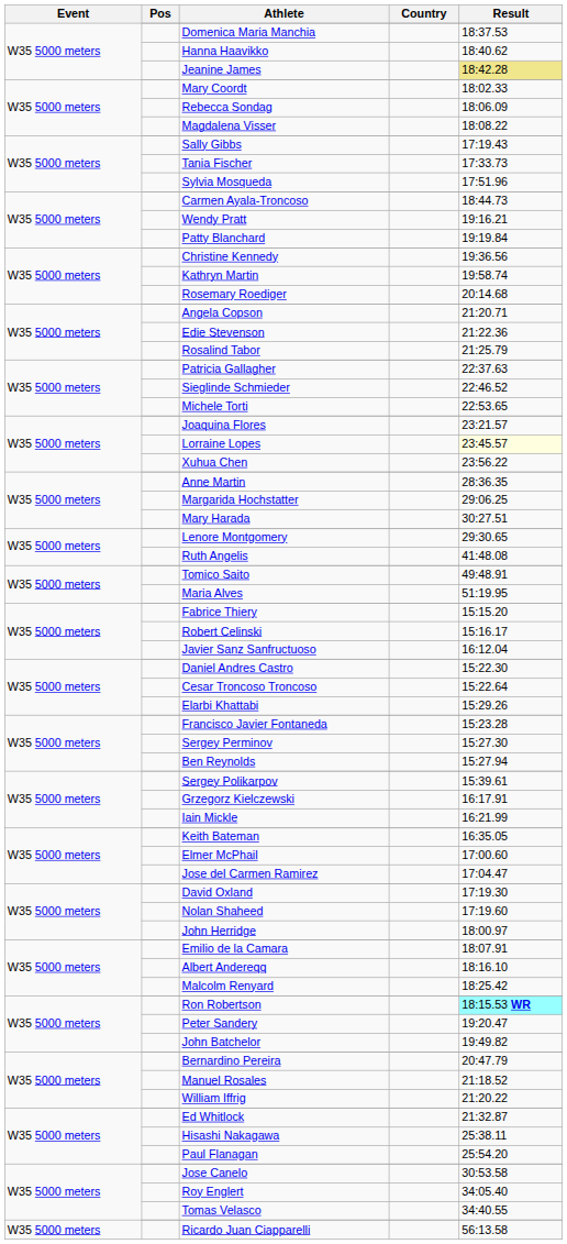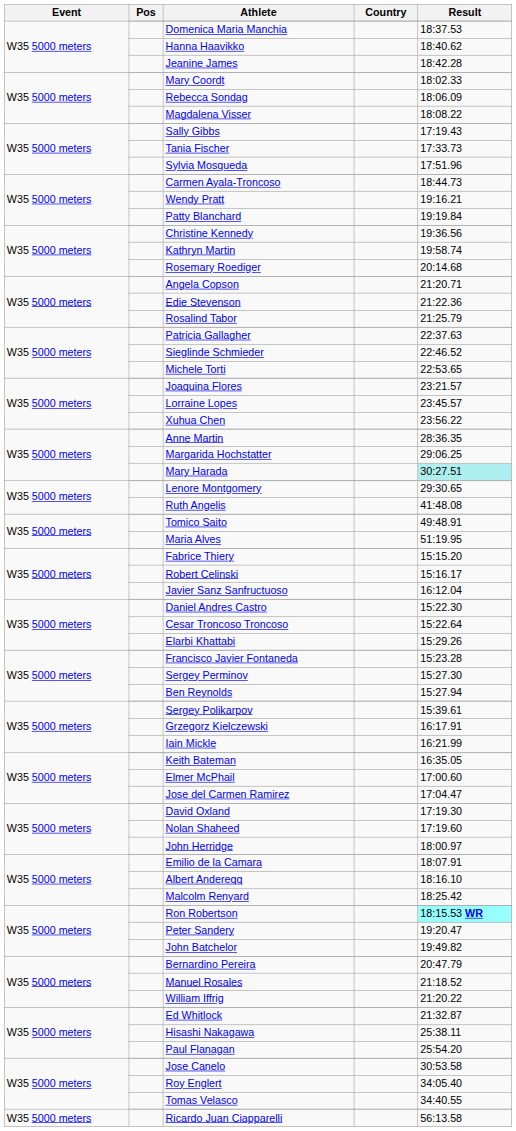 <table class="wikitable" style="width:60%;">
 <tr>
 <th>Event</th>
 <th>Pos</th>
 <th>Athlete</th>
 <th>Country</th>
 <th>Result</th>
 </tr>
 <tr>
 <td rowspan="4">W35 <a href='#'>5000 meters</a></td>
 </tr>
 <tr>
 <td align=center></td>
 <td align=left><a href='#'>Domenica Maria Manchia</a></td>
 <td align=left></td>
 <td>18:37.53</td>
 </tr>
 <tr>
 <td align=center></td>
 <td align=left><a href='#'>Hanna Haavikko</a></td>
 <td align=left></td>
 <td>18:40.62</td>
 </tr>
 <tr>
 <td align=center></td>
 <td align=left><a href='#'>Jeanine James</a></td>
 <td align=left></td>
-<td style="background: khaki;">18:42.28</td>
+<td>18:42.28</td>
 </tr>
 <tr>
 <td rowspan="4">W35 <a href='#'>5000 meters</a></td>
 </tr>
 <tr>
 <td align=center></td>
 <td align=left><a href='#'>Mary Coordt</a></td>
 <td align=left></td>
 <td>18:02.33</td>
 </tr>
 <tr>
 <td align=center></td>
 <td align=left><a href='#'>Rebecca Sondag</a></td>
 <td align=left></td>
 <td>18:06.09</td>
 </tr>
 <tr>
 <td align=center></td>
 <td align=left><a href='#'>Magdalena Visser</a></td>
 <td align=left></td>
 <td>18:08.22</td>
 </tr>
 <tr>
 <td rowspan="4">W35 <a href='#'>5000 meters</a></td>
 </tr>
 <tr>
 <td align=center></td>
 <td align=left><a href='#'>Sally Gibbs</a></td>
 <td align=left></td>
 <td>17:19.43</td>
 </tr>
 <tr>
 <td align=center></td>
 <td align=left><a href='#'>Tania Fischer</a></td>
 <td align=left></td>
 <td>17:33.73</td>
 </tr>
 <tr>
 <td align=center></td>
 <td align=left><a href='#'>Sylvia Mosqueda</a></td>
 <td align=left></td>
 <td>17:51.96</td>
 </tr>
 <tr>
 <td rowspan="4">W35 <a href='#'>5000 meters</a></td>
 </tr>
 <tr>
 <td align=center></td>
 <td align=left><a href='#'>Carmen Ayala-Troncoso</a></td>
 <td align=left></td>
 <td>18:44.73</td>
 </tr>
 <tr>
 <td align=center></td>
 <td align=left><a href='#'>Wendy Pratt</a></td>
 <td align=left></td>
 <td>19:16.21</td>
 </tr>
 <tr>
 <td align=center></td>
 <td align=left><a href='#'>Patty Blanchard</a></td>
 <td align=left></td>
 <td>19:19.84</td>
 </tr>
 <tr>
 <td rowspan="4">W35 <a href='#'>5000 meters</a></td>
 </tr>
 <tr>
 <td align=center></td>
 <td align=left><a href='#'>Christine Kennedy</a></td>
 <td align=left></td>
 <td>19:36.56</td>
 </tr>
 <tr>
 <td align=center></td>
 <td align=left><a href='#'>Kathryn Martin</a></td>
 <td align=left></td>
 <td>19:58.74</td>
 </tr>
 <tr>
 <td align=center></td>
 <td align=left><a href='#'>Rosemary Roediger</a></td>
 <td align=left></td>
 <td>20:14.68</td>
 </tr>
 <tr>
 <td rowspan="4">W35 <a href='#'>5000 meters</a></td>
 </tr>
 <tr>
 <td align=center></td>
 <td align=left><a href='#'>Angela Copson</a></td>
 <td align=left></td>
 <td>21:20.71</td>
 </tr>
 <tr>
 <td align=center></td>
 <td align=left><a href='#'>Edie Stevenson</a></td>
 <td align=left></td>
 <td>21:22.36</td>
 </tr>
 <tr>
 <td align=center></td>
 <td align=left><a href='#'>Rosalind Tabor</a></td>
 <td align=left></td>
 <td>21:25.79</td>
 </tr>
 <tr>
 <td rowspan="4">W35 <a href='#'>5000 meters</a></td>
 </tr>
 <tr>
 <td align=center></td>
 <td align=left><a href='#'>Patricia Gallagher</a></td>
 <td align=left></td>
 <td>22:37.63</td>
 </tr>
 <tr>
 <td align=center></td>
 <td align=left><a href='#'>Sieglinde Schmieder</a></td>
 <td align=left></td>
 <td>22:46.52</td>
 </tr>
 <tr>
 <td align=center></td>
 <td align=left><a href='#'>Michele Torti</a></td>
 <td align=left></td>
 <td>22:53.65</td>
 </tr>
 <tr>
 <td rowspan="4">W35 <a href='#'>5000 meters</a></td>
 </tr>
 <tr>
 <td align=center></td>
 <td align=left><a href='#'>Joaquina Flores</a></td>
 <td align=left></td>
 <td>23:21.57</td>
 </tr>
 <tr>
 <td align=center></td>
 <td align=left><a href='#'>Lorraine Lopes</a></td>
 <td align=left></td>
-<td style="background: lightyellow;">23:45.57</td>
+<td>23:45.57</td>
 </tr>
 <tr>
 <td align=center></td>
 <td align=left><a href='#'>Xuhua Chen</a></td>
 <td align=left></td>
 <td>23:56.22</td>
 </tr>
 <tr>
 <td rowspan="4">W35 <a href='#'>5000 meters</a></td>
 </tr>
 <tr>
 <td align=center></td>
 <td align=left><a href='#'>Anne Martin</a></td>
 <td align=left></td>
 <td>28:36.35</td>
 </tr>
 <tr>
 <td align=center></td>
 <td align=left><a href='#'>Margarida Hochstatter</a></td>
 <td align=left></td>
 <td>29:06.25</td>
 </tr>
 <tr>
 <td align=center></td>
 <td align=left><a href='#'>Mary Harada</a></td>
 <td align=left></td>
-<td>30:27.51</td>
+<td style="background: paleturquoise;">30:27.51</td>
 </tr>
 <tr>
 <td rowspan="3">W35 <a href='#'>5000 meters</a></td>
 </tr>
 <tr>
 <td align=center></td>
 <td align=left><a href='#'>Lenore Montgomery</a></td>
 <td align=left></td>
 <td>29:30.65</td>
 </tr>
 <tr>
 <td align=center></td>
 <td align=left><a href='#'>Ruth Angelis</a></td>
 <td align=left></td>
 <td>41:48.08</td>
 </tr>
 <tr>
 <td rowspan="3">W35 <a href='#'>5000 meters</a></td>
 </tr>
 <tr>
 <td align=center></td>
 <td align=left><a href='#'>Tomico Saito</a></td>
 <td align=left></td>
 <td>49:48.91</td>
 </tr>
 <tr>
 <td align=center></td>
 <td align=left><a href='#'>Maria Alves</a></td>
 <td align=left></td>
 <td>51:19.95</td>
 </tr>
 <tr>
 <td rowspan="4">W35 <a href='#'>5000 meters</a></td>
 </tr>
 <tr>
 <td align=center></td>
 <td align=left><a href='#'>Fabrice Thiery</a></td>
 <td align=left></td>
 <td>15:15.20</td>
 </tr>
 <tr>
 <td align=center></td>
 <td align=left><a href='#'>Robert Celinski</a></td>
 <td align=left></td>
 <td>15:16.17</td>
 </tr>
 <tr>
 <td align=center></td>
 <td align=left><a href='#'>Javier Sanz Sanfructuoso</a></td>
 <td align=left></td>
 <td>16:12.04</td>
 </tr>
 <tr>
 <td rowspan="4">W35 <a href='#'>5000 meters</a></td>
 </tr>
 <tr>
 <td align=center></td>
 <td align=left><a href='#'>Daniel Andres Castro</a></td>
 <td align=left></td>
 <td>15:22.30</td>
 </tr>
 <tr>
 <td align=center></td>
 <td align=left><a href='#'>Cesar Troncoso Troncoso</a></td>
 <td align=left></td>
 <td>15:22.64</td>
 </tr>
 <tr>
 <td align=center></td>
 <td align=left><a href='#'>Elarbi Khattabi</a></td>
 <td align=left></td>
 <td>15:29.26</td>
 </tr>
 <tr>
 <td rowspan="4">W35 <a href='#'>5000 meters</a></td>
 </tr>
 <tr>
 <td align=center></td>
 <td align=left><a href='#'>Francisco Javier Fontaneda</a></td>
 <td align=left></td>
 <td>15:23.28</td>
 </tr>
 <tr>
 <td align=center></td>
 <td align=left><a href='#'>Sergey Perminov</a></td>
 <td align=left></td>
 <td>15:27.30</td>
 </tr>
 <tr>
 <td align=center></td>
 <td align=left><a href='#'>Ben Reynolds</a></td>
 <td align=left></td>
 <td>15:27.94</td>
 </tr>
 <tr>
 <td rowspan="4">W35 <a href='#'>5000 meters</a></td>
 </tr>
 <tr>
 <td align=center></td>
 <td align=left><a href='#'>Sergey Polikarpov</a></td>
 <td align=left></td>
 <td>15:39.61</td>
 </tr>
 <tr>
 <td align=center></td>
 <td align=left><a href='#'>Grzegorz Kielczewski</a></td>
 <td align=left></td>
 <td>16:17.91</td>
 </tr>
 <tr>
 <td align=center></td>
 <td align=left><a href='#'>Iain Mickle</a></td>
 <td align=left></td>
 <td>16:21.99</td>
 </tr>
 <tr>
 <td rowspan="4">W35 <a href='#'>5000 meters</a></td>
 </tr>
 <tr>
 <td align=center></td>
 <td align=left><a href='#'>Keith Bateman</a></td>
 <td align=left></td>
 <td>16:35.05</td>
 </tr>
 <tr>
 <td align=center></td>
 <td align=left><a href='#'>Elmer McPhail</a></td>
 <td align=left></td>
 <td>17:00.60</td>
 </tr>
 <tr>
 <td align=center></td>
 <td align=left><a href='#'>Jose del Carmen Ramirez</a></td>
 <td align=left></td>
 <td>17:04.47</td>
 </tr>
 <tr>
 <td rowspan="4">W35 <a href='#'>5000 meters</a></td>
 </tr>
 <tr>
 <td align=center></td>
 <td align=left><a href='#'>David Oxland</a></td>
 <td align=left></td>
 <td>17:19.30</td>
 </tr>
 <tr>
 <td align=center></td>
 <td align=left><a href='#'>Nolan Shaheed</a></td>
 <td align=left></td>
 <td>17:19.60</td>
 </tr>
 <tr>
 <td align=center></td>
 <td align=left><a href='#'>John Herridge</a></td>
 <td align=left></td>
 <td>18:00.97</td>
 </tr>
 <tr>
 <td rowspan="4">W35 <a href='#'>5000 meters</a></td>
 </tr>
 <tr>
 <td align=center></td>
 <td align=left><a href='#'>Emilio de la Camara</a></td>
 <td align=left></td>
 <td>18:07.91</td>
 </tr>
 <tr>
 <td align=center></td>
 <td align=left><a href='#'>Albert Andereqq</a></td>
 <td align=left></td>
 <td>18:16.10</td>
 </tr>
 <tr>
 <td align=center></td>
 <td align=left><a href='#'>Malcolm Renyard</a></td>
 <td align=left></td>
 <td>18:25.42</td>
 </tr>
 <tr>
 <td rowspan="4">W35 <a href='#'>5000 meters</a></td>
 </tr>
 <tr>
 <td align=center></td>
 <td align=left><a href='#'>Ron Robertson</a></td>
 <td align=left></td>
 <td bgcolor=#97ffff>18:15.53 <strong><a href='#'>WR</a></strong></td>
 </tr>
 <tr>
 <td align=center></td>
 <td align=left><a href='#'>Peter Sandery</a></td>
 <td align=left></td>
 <td>19:20.47</td>
 </tr>
 <tr>
 <td align=center></td>
 <td align=left><a href='#'>John Batchelor</a></td>
 <td align=left></td>
 <td>19:49.82</td>
 </tr>
 <tr>
 <td rowspan="4">W35 <a href='#'>5000 meters</a></td>
 </tr>
 <tr>
 <td align=center></td>
 <td align=left><a href='#'>Bernardino Pereira</a></td>
 <td align=left></td>
 <td>20:47.79</td>
 </tr>
 <tr>
 <td align=center></td>
 <td align=left><a href='#'>Manuel Rosales</a></td>
 <td align=left></td>
 <td>21:18.52</td>
 </tr>
 <tr>
 <td align=center></td>
 <td align=left><a href='#'>William Iffrig</a></td>
 <td align=left></td>
 <td>21:20.22</td>
 </tr>
 <tr>
 <td rowspan="4">W35 <a href='#'>5000 meters</a></td>
 </tr>
 <tr>
 <td align=center></td>
 <td align=left><a href='#'>Ed Whitlock</a></td>
 <td align=left></td>
 <td>21:32.87</td>
 </tr>
 <tr>
 <td align=center></td>
 <td align=left><a href='#'>Hisashi Nakagawa</a></td>
 <td align=left></td>
 <td>25:38.11</td>
 </tr>
 <tr>
 <td align=center></td>
 <td align=left><a href='#'>Paul Flanagan</a></td>
 <td align=left></td>
 <td>25:54.20</td>
 </tr>
 <tr>
 <td rowspan="4">W35 <a href='#'>5000 meters</a></td>
 </tr>
 <tr>
 <td align=center></td>
 <td align=left><a href='#'>Jose Canelo</a></td>
 <td align=left></td>
 <td>30:53.58</td>
 </tr>
 <tr>
 <td align=center></td>
 <td align=left><a href='#'>Roy Englert</a></td>
 <td align=left></td>
 <td>34:05.40</td>
 </tr>
 <tr>
 <td align=center></td>
 <td align=left><a href='#'>Tomas Velasco</a></td>
 <td align=left></td>
 <td>34:40.55</td>
 </tr>
 <tr>
 <td rowspan="2">W35 <a href='#'>5000 meters</a></td>
 </tr>
 <tr>
 <td align=center></td>
 <td align=left><a href='#'>Ricardo Juan Ciapparelli</a></td>
 <td align=left></td>
 <td>56:13.58</td>
 </tr>
 </table>
